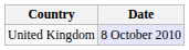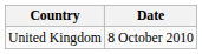 <table class="wikitable">
 <tr>
 <th>Country</th>
 <th>Date</th>
 </tr>
 <tr>
 <td>United Kingdom</td>
-<td style="background: lavender;">8 October 2010</td>
+<td>8 October 2010</td>
 </tr>
 </table>
